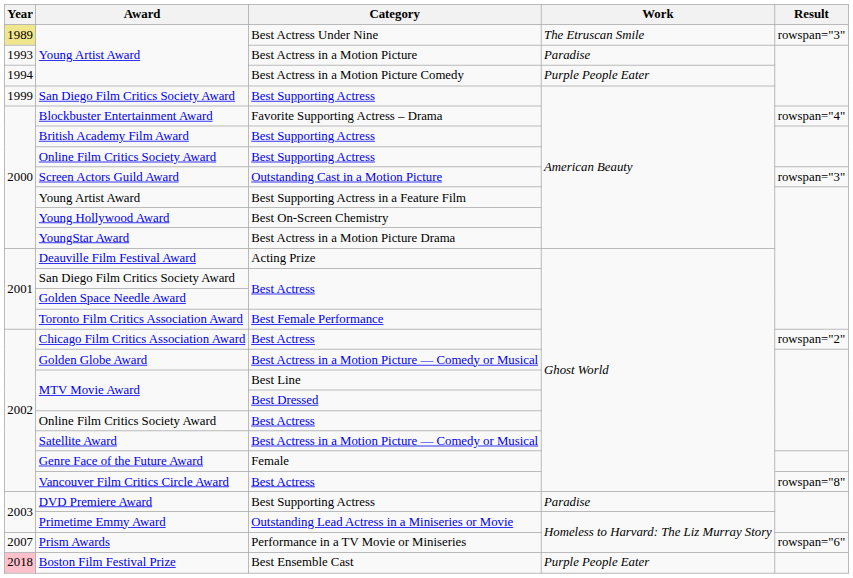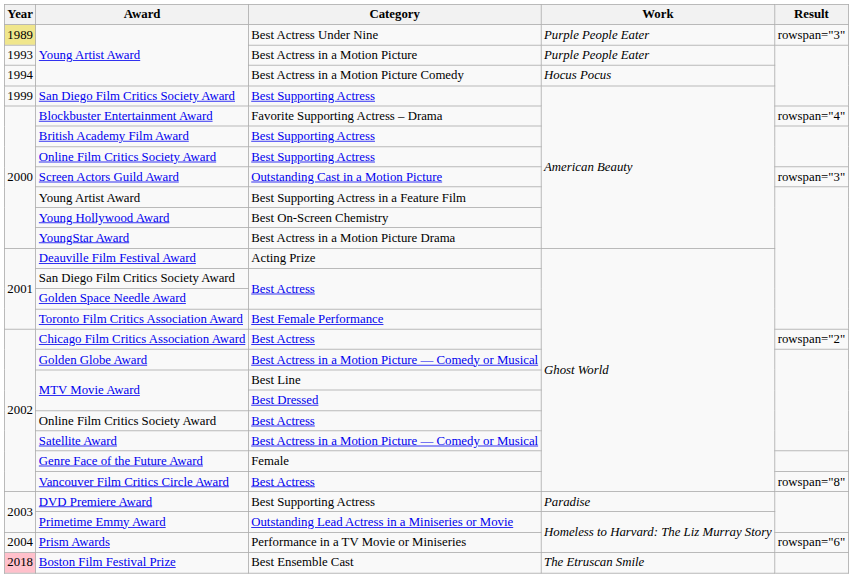 <table class="wikitable sortable plainrowheaders">
 <tr>
 <th scope="col">Year </th>
 <th scope="col">Award</th>
 <th scope="col">Category</th>
 <th scope="col">Work</th>
 <th scope="col" class="unsortable">Result</th>
 </tr>
 <tr>
 <td style="background: khaki;">1989</td>
 <td rowspan="3"><a href='#'>Young Artist Award</a></td>
 <td>Best Actress Under Nine</td>
-<td><em>The Etruscan Smile</em></td>
+<td><em>Purple People Eater</em></td>
 <td>rowspan="3" </td>
 </tr>
 <tr>
 <td>1993</td>
 <td>Best Actress in a Motion Picture</td>
-<td><em>Paradise</em></td>
+<td><em>Purple People Eater</em></td>
 </tr>
 <tr>
 <td>1994</td>
 <td>Best Actress in a Motion Picture Comedy</td>
-<td><em>Purple People Eater</em></td>
+<td><em>Hocus Pocus</em></td>
 </tr>
 <tr>
 <td>1999</td>
 <td><a href='#'>San Diego Film Critics Society Award</a></td>
 <td><a href='#'>Best Supporting Actress</a></td>
 <td rowspan="8"><em>American Beauty</em></td>
 </tr>
 <tr>
 <td rowspan="7">2000</td>
 <td><a href='#'>Blockbuster Entertainment Award</a></td>
 <td>Favorite Supporting Actress – Drama</td>
 <td>rowspan="4" </td>
 </tr>
 <tr>
 <td><a href='#'>British Academy Film Award</a></td>
 <td><a href='#'>Best Supporting Actress</a></td>
 </tr>
 <tr>
 <td><a href='#'>Online Film Critics Society Award</a></td>
 <td><a href='#'>Best Supporting Actress</a></td>
 </tr>
 <tr>
 <td><a href='#'>Screen Actors Guild Award</a></td>
 <td><a href='#'>Outstanding Cast in a Motion Picture</a> </td>
 <td>rowspan="3" </td>
 </tr>
 <tr>
 <td>Young Artist Award</td>
 <td>Best Supporting Actress in a Feature Film</td>
 </tr>
 <tr>
 <td><a href='#'>Young Hollywood Award</a></td>
 <td>Best On-Screen Chemistry </td>
 </tr>
 <tr>
 <td><a href='#'>YoungStar Award</a></td>
 <td>Best Actress in a Motion Picture Drama</td>
 </tr>
 <tr>
 <td rowspan="4">2001</td>
 <td><a href='#'>Deauville Film Festival Award</a></td>
 <td>Acting Prize</td>
 <td rowspan="12"><em>Ghost World</em></td>
 </tr>
 <tr>
 <td>San Diego Film Critics Society Award</td>
 <td rowspan="2"><a href='#'>Best Actress</a></td>
 </tr>
 <tr>
 <td><a href='#'>Golden Space Needle Award</a></td>
 </tr>
 <tr>
 <td><a href='#'>Toronto Film Critics Association Award</a></td>
 <td><a href='#'>Best Female Performance</a></td>
 </tr>
 <tr>
 <td rowspan="8">2002</td>
 <td><a href='#'>Chicago Film Critics Association Award</a></td>
 <td><a href='#'>Best Actress</a></td>
 <td>rowspan="2" </td>
 </tr>
 <tr>
 <td><a href='#'>Golden Globe Award</a></td>
 <td><a href='#'>Best Actress in a Motion Picture — Comedy or Musical</a></td>
 </tr>
 <tr>
 <td rowspan="2"><a href='#'>MTV Movie Award</a></td>
 <td>Best Line</td>
 </tr>
 <tr>
 <td><a href='#'>Best Dressed</a></td>
 </tr>
 <tr>
 <td>Online Film Critics Society Award</td>
 <td><a href='#'>Best Actress</a></td>
 </tr>
 <tr>
 <td><a href='#'>Satellite Award</a></td>
 <td><a href='#'>Best Actress in a Motion Picture — Comedy or Musical</a></td>
 </tr>
 <tr>
 <td><a href='#'>Genre Face of the Future Award</a></td>
 <td>Female</td>
 <td></td>
 </tr>
 <tr>
 <td><a href='#'>Vancouver Film Critics Circle Award</a></td>
 <td><a href='#'>Best Actress</a></td>
 <td>rowspan="8" </td>
 </tr>
 <tr>
 <td rowspan="2">2003</td>
 <td><a href='#'>DVD Premiere Award</a></td>
 <td>Best Supporting Actress</td>
 <td><em>Paradise</em></td>
 </tr>
 <tr>
 <td><a href='#'>Primetime Emmy Award</a></td>
 <td><a href='#'>Outstanding Lead Actress in a Miniseries or Movie</a></td>
 <td rowspan="2"><em>Homeless to Harvard: The Liz Murray Story</em></td>
 </tr>
 <tr>
-<td>2007</td>
+<td>2004</td>
 <td><a href='#'>Prism Awards</a></td>
 <td>Performance in a TV Movie or Miniseries</td>
 <td>rowspan="6" </td>
 </tr>
 <tr>
 <td style="background: pink;">2018</td>
 <td><a href='#'>Boston Film Festival Prize</a></td>
 <td>Best Ensemble Cast </td>
-<td><em>Purple People Eater</em></td>
+<td><em>The Etruscan Smile</em></td>
 </tr>
 </table>
